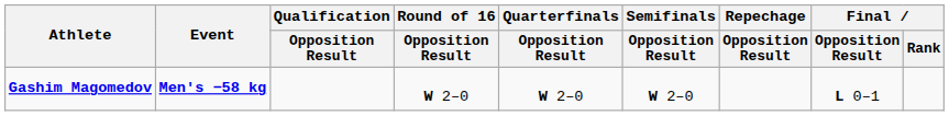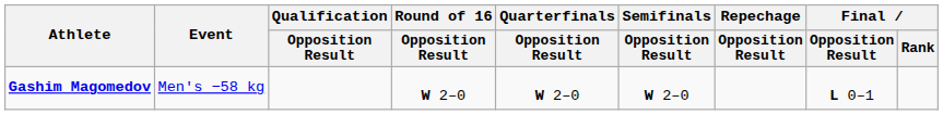 <table class=wikitable style=font-size:90%;text-align:center>
 <tr>
 <th rowspan=2>Athlete</th>
 <th rowspan=2>Event</th>
 <th>Qualification</th>
 <th>Round of 16</th>
 <th>Quarterfinals</th>
 <th>Semifinals</th>
 <th>Repechage</th>
 <th colspan=2>Final / </th>
 </tr>
 <tr style=font-size:95%>
 <th>Opposition<br>Result</th>
 <th>Opposition<br>Result</th>
 <th>Opposition<br>Result</th>
 <th>Opposition<br>Result</th>
 <th>Opposition<br>Result</th>
 <th>Opposition<br>Result</th>
 <th>Rank</th>
 </tr>
 <tr>
 <td align=left><strong><a href='#'>Gashim Magomedov</a></strong></td>
-<td align=left><strong><a href='#'>Men's −58 kg</a></strong></td>
+<td align=left><a href='#'>Men's −58 kg</a></td>
 <td></td>
 <td><br><strong>W</strong> 2–0</td>
 <td><br><strong>W</strong> 2–0</td>
 <td><br><strong>W</strong> 2–0</td>
 <td></td>
 <td><br><strong>L</strong> 0–1 </td>
 <td></td>
 </tr>
 </table>
